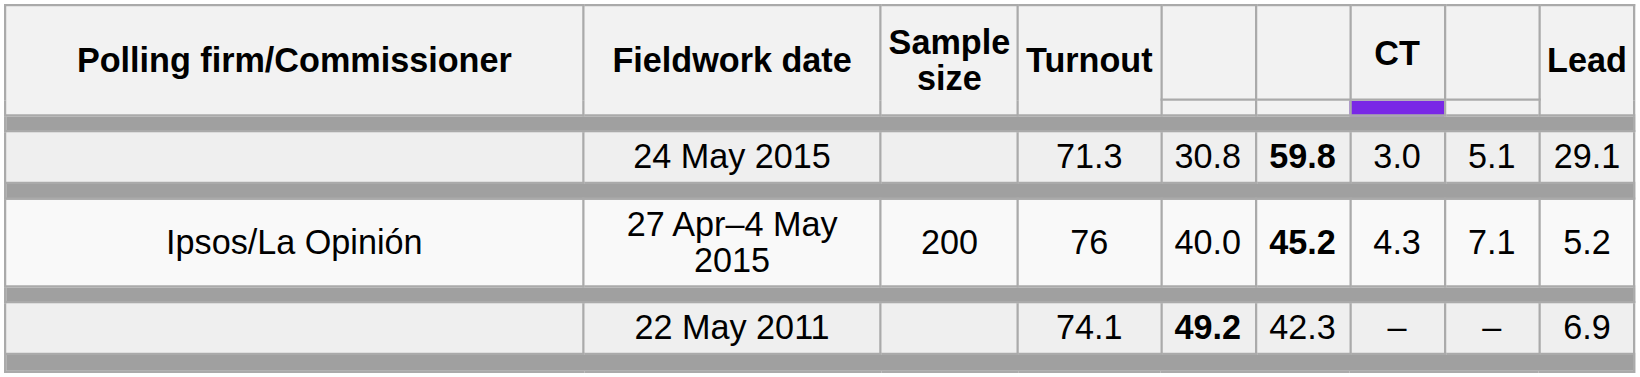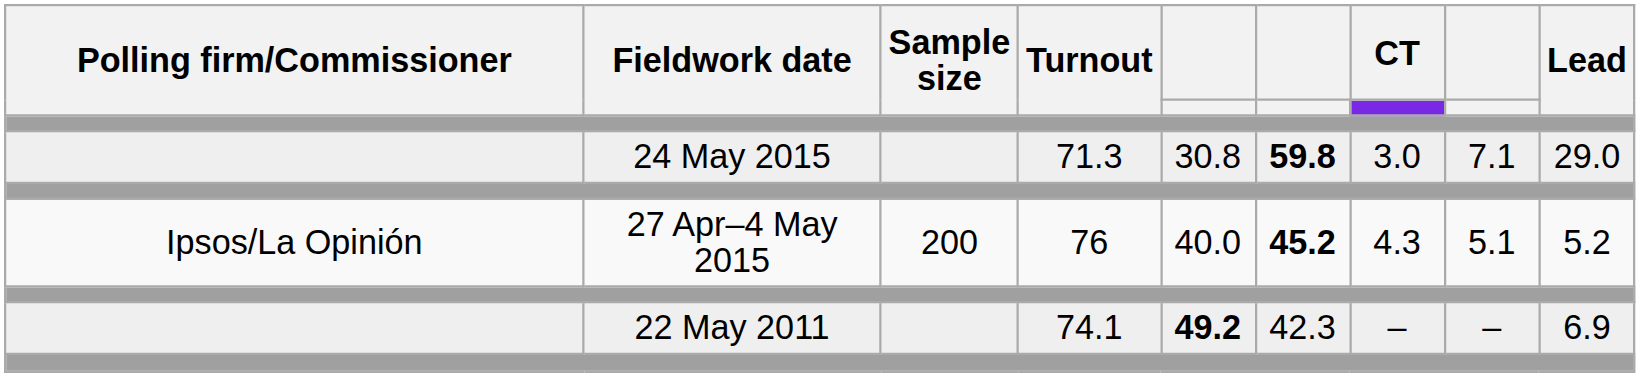 <table class="wikitable collapsible collapsed" style="text-align:center; font-size:95%; line-height:16px;">
 <tr style="height:42px;">
 <th style="width:250px;" rowspan="2">Polling firm/Commissioner</th>
 <th style="width:125px;" rowspan="2">Fieldwork date</th>
 <th style="width:50px;" rowspan="2">Sample size</th>
 <th style="width:45px;" rowspan="2">Turnout</th>
 <th style="width:35px;"></th>
 <th style="width:35px;"></th>
 <th style="width:35px;">CT</th>
 <th style="width:35px;"></th>
 <th style="width:30px;" rowspan="2">Lead</th>
 </tr>
 <tr>
 <th style="color:inherit;background:"></th>
 <th style="color:inherit;background:"></th>
 <th style="color:inherit;background:#7928E6;"></th>
 <th style="color:inherit;background:"></th>
 </tr>
 <tr>
 <td colspan="11" style="background:#A0A0A0"></td>
 </tr>
 <tr style="background:#EFEFEF;">
 <td><strong></strong></td>
 <td>24 May 2015</td>
 <td></td>
 <td>71.3</td>
 <td>30.8<br></td>
 <td><strong>59.8</strong><br></td>
 <td>3.0<br></td>
-<td>5.1<br></td>
-<td style="background:">29.1</td>
+<td>7.1<br></td>
+<td style="background:">29.0</td>
 </tr>
 <tr>
 <td colspan="11" style="background:#A0A0A0"></td>
 </tr>
 <tr>
 <td>Ipsos/La Opinión</td>
 <td>27 Apr–4 May 2015</td>
 <td>200</td>
 <td>76</td>
 <td>40.0<br></td>
 <td><strong>45.2</strong><br></td>
 <td>4.3<br></td>
-<td>7.1<br></td>
+<td>5.1<br></td>
 <td style="background:">5.2</td>
 </tr>
 <tr>
 <td colspan="9" style="background:#A0A0A0"></td>
 </tr>
 <tr style="background:#EFEFEF;">
 <td><strong></strong></td>
 <td>22 May 2011</td>
 <td></td>
 <td>74.1</td>
 <td><strong>49.2</strong><br></td>
 <td>42.3<br></td>
 <td>–</td>
 <td>–</td>
 <td style="background:">6.9</td>
 </tr>
 <tr>
 <td colspan="9" style="background:#A0A0A0"></td>
 </tr>
 </table>
